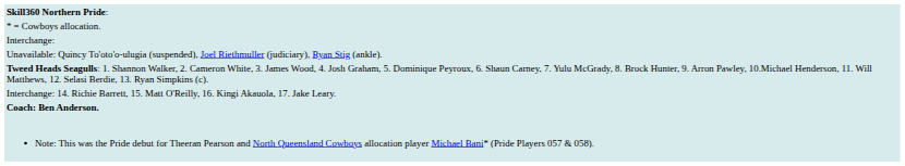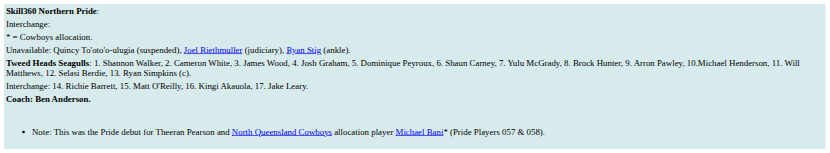 <table style="background:#d7ebed; font-size:85%; width:100%;">
 <tr>
 <td><strong>Skill360 Northern Pride</strong>:             </td>
 </tr>
 <tr>
-<td>* = Cowboys allocation.</td>
+<td>Interchange:    </td>
 </tr>
 <tr>
-<td>Interchange:    </td>
+<td>* = Cowboys allocation.</td>
 </tr>
 <tr>
 <td>Unavailable: Quincy To'oto'o-ulugia (suspended), <a href='#'>Joel Riethmuller</a> (judiciary), <a href='#'>Ryan Stig</a> (ankle).</td>
 </tr>
 <tr>
 <td><strong>Tweed Heads Seagulls</strong>: 1. Shannon Walker, 2. Cameron White, 3. James Wood, 4. Josh Graham, 5. Dominique Peyroux, 6. Shaun Carney, 7. Yulu McGrady, 8. Brock Hunter, 9. Arron Pawley, 10.Michael Henderson, 11. Will Matthews, 12. Selasi Berdie, 13. Ryan Simpkins (c).</td>
 </tr>
 <tr>
 <td>Interchange: 14. Richie Barrett, 15. Matt O'Reilly, 16. Kingi Akauola, 17. Jake Leary.</td>
 </tr>
 <tr>
 <td><strong>Coach: Ben Anderson.</strong></td>
 </tr>
 <tr>
 <td><br><ul><li>Note: This was the Pride debut for Theeran Pearson and <a href='#'>North Queensland Cowboys</a> allocation player <a href='#'>Michael Bani</a>* (Pride Players 057 & 058).</li></ul></td>
 </tr>
 <tr>
 </tr>
 </table>
